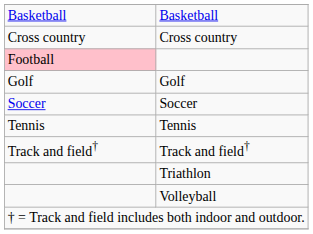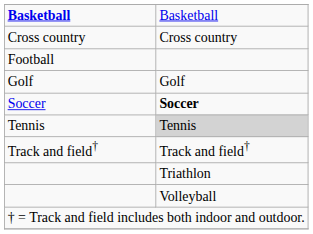 <table class="wikitable">
 <tr>
 </tr>
 <tr>
-<td><a href='#'>Basketball</a></td>
+<td><strong><a href='#'>Basketball</a></strong></td>
 <td><a href='#'>Basketball</a></td>
 </tr>
 <tr>
 <td>Cross country</td>
 <td>Cross country</td>
 </tr>
 <tr>
-<td style="background: pink;">Football</td>
+<td>Football</td>
 <td></td>
 </tr>
 <tr>
 <td>Golf</td>
 <td>Golf</td>
 </tr>
 <tr>
 <td><a href='#'>Soccer</a></td>
-<td>Soccer</td>
+<td><strong>Soccer</strong></td>
 </tr>
 <tr>
 <td>Tennis</td>
-<td>Tennis</td>
+<td style="background: lightgrey;">Tennis</td>
 </tr>
 <tr>
 <td>Track and field<sup>†</sup></td>
 <td>Track and field<sup>†</sup></td>
 </tr>
 <tr>
 <td></td>
 <td>Triathlon</td>
 </tr>
 <tr>
 <td></td>
 <td>Volleyball</td>
 </tr>
 <tr>
 <td colspan="2">† = Track and field includes both indoor and outdoor.</td>
 </tr>
 <tr>
 </tr>
 </table>
